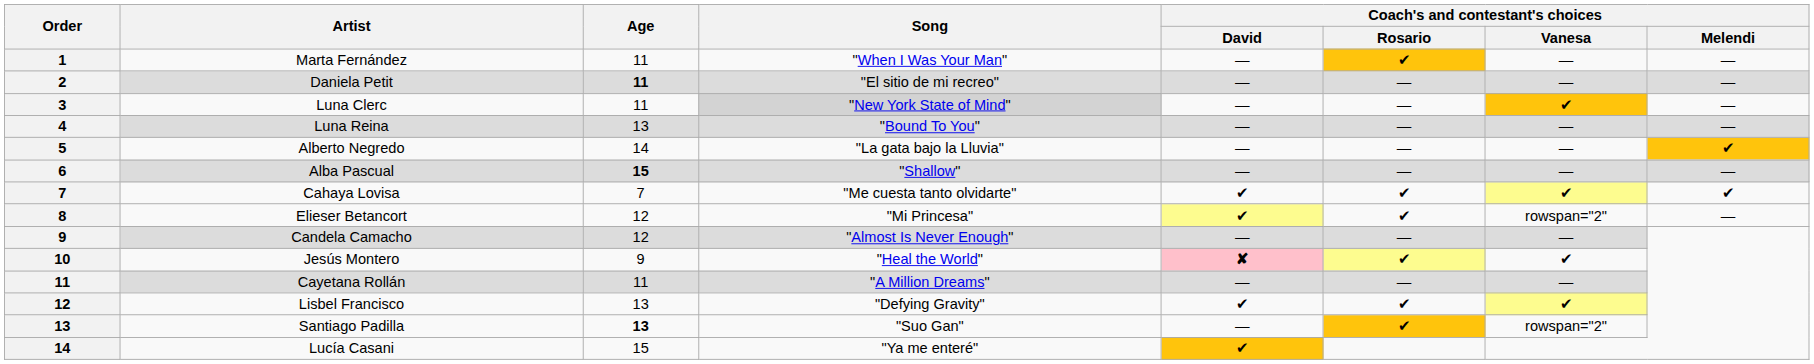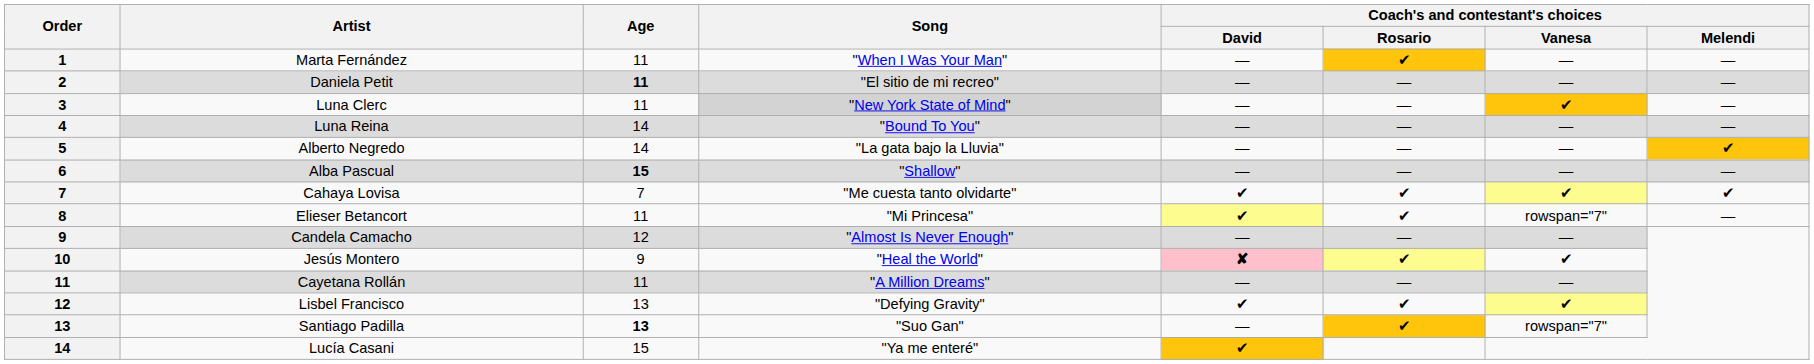 <table class="wikitable" style="text-align:center; line-height:17px; width:100%">
 <tr>
 <th rowspan="2" scope="col" style="width:05%">Order</th>
 <th rowspan="2" scope="col" style="width:20%">Artist</th>
 <th rowspan="2" scope="col" style="width:05%">Age</th>
 <th rowspan="2" scope="col" style="width:20%">Song</th>
 <th colspan="4" scope="col" style="width:32%">Coach's and contestant's choices</th>
 </tr>
 <tr>
 <th style="width:07%">David</th>
 <th style="width:07%">Rosario</th>
 <th style="width:07%">Vanesa</th>
 <th style="width:07%">Melendi</th>
 </tr>
 <tr>
 <th>1</th>
 <td>Marta Fernández</td>
 <td>11</td>
 <td>"<a href='#'>When I Was Your Man</a>"</td>
 <td>—</td>
 <td style="background:#ffc40c">✔</td>
 <td>—</td>
 <td>—</td>
 </tr>
 <tr style="background:#dcdcdc">
 <th>2</th>
 <td>Daniela Petit</td>
 <td><strong>11</strong></td>
 <td>"El sitio de mi recreo"</td>
 <td>—</td>
 <td>—</td>
 <td>—</td>
 <td>—</td>
 </tr>
 <tr>
 <th>3</th>
 <td>Luna Clerc</td>
 <td>11</td>
 <td style="background: lightgrey;">"<a href='#'>New York State of Mind</a>"</td>
 <td>—</td>
 <td>—</td>
 <td style="background:#ffc40c">✔</td>
 <td>—</td>
 </tr>
 <tr style="background:#dcdcdc">
 <th>4</th>
 <td>Luna Reina</td>
-<td>13</td>
+<td>14</td>
 <td>"<a href='#'>Bound To You</a>"</td>
 <td>—</td>
 <td>—</td>
 <td>—</td>
 <td>—</td>
 </tr>
 <tr>
 <th>5</th>
 <td>Alberto Negredo</td>
 <td>14</td>
 <td>"La gata bajo la Lluvia"</td>
 <td>—</td>
 <td>—</td>
 <td>—</td>
 <td style="background:#ffc40c">✔</td>
 </tr>
 <tr style="background:#dcdcdc">
 <th>6</th>
 <td>Alba Pascual</td>
 <td><strong>15</strong></td>
 <td>"<a href='#'>Shallow</a>"</td>
 <td>—</td>
 <td>—</td>
 <td>—</td>
 <td>—</td>
 </tr>
 <tr>
 <th>7</th>
 <td>Cahaya Lovisa</td>
 <td>7</td>
 <td>"Me cuesta tanto olvidarte"</td>
 <td>✔</td>
 <td>✔</td>
 <td style="background:#fdfc8f">✔</td>
 <td>✔</td>
 </tr>
 <tr>
 <th>8</th>
 <td>Elieser Betancort</td>
-<td>12</td>
+<td>11</td>
 <td>"Mi Princesa"</td>
 <td style="background:#fdfc8f">✔</td>
 <td>✔</td>
-<td>rowspan="2" </td>
+<td>rowspan="7" </td>
 <td>—</td>
 </tr>
 <tr style="background:#dcdcdc">
 <th>9</th>
 <td>Candela Camacho</td>
 <td>12</td>
 <td>"<a href='#'>Almost Is Never Enough</a>"</td>
 <td>—</td>
 <td>—</td>
 <td>—</td>
 </tr>
 <tr>
 <th>10</th>
 <td>Jesús Montero</td>
 <td>9</td>
 <td>"<a href='#'>Heal the World</a>"</td>
 <td style="background:pink"><strong>✘</strong></td>
 <td style="background:#fdfc8f">✔</td>
 <td>✔</td>
 </tr>
 <tr style="background:#dcdcdc">
 <th>11</th>
 <td>Cayetana Rollán</td>
 <td>11</td>
 <td>"<a href='#'>A Million Dreams</a>"</td>
 <td>—</td>
 <td>—</td>
 <td>—</td>
 </tr>
 <tr>
 <th>12</th>
 <td>Lisbel Francisco</td>
 <td>13</td>
 <td>"Defying Gravity"</td>
 <td>✔</td>
 <td>✔</td>
 <td style="background:#fdfc8f">✔</td>
 </tr>
 <tr>
 <th>13</th>
 <td>Santiago Padilla</td>
 <td><strong>13</strong></td>
 <td>"Suo Gan"</td>
 <td>—</td>
 <td style="background:#ffc40c">✔</td>
-<td>rowspan="2" </td>
+<td>rowspan="7" </td>
 </tr>
 <tr>
 <th>14</th>
 <td>Lucía Casani</td>
 <td>15</td>
 <td>"Ya me enteré"</td>
 <td style="background:#ffc40c">✔</td>
 <td></td>
 </tr>
 </table>
